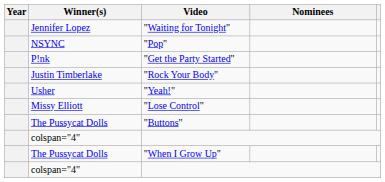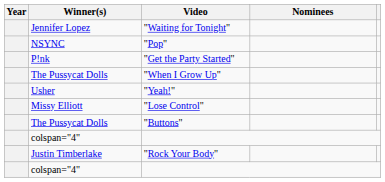 <table class="wikitable sortable">
 <tr>
 <th scope="col">Year</th>
 <th scope="col" style="width:250px;">Winner(s)</th>
 <th scope="col" style="width:250px;">Video</th>
 <th scope="col" style="width:300px;">Nominees</th>
 <th scope="col" class="unsortable"></th>
 </tr>
 <tr>
 <th scope="row"></th>
 <td><a href='#'>Jennifer Lopez</a></td>
 <td>"<a href='#'>Waiting for Tonight</a>"</td>
 <td></td>
 <td align="center"></td>
 </tr>
 <tr>
 <th scope="row"></th>
 <td><a href='#'>NSYNC</a></td>
 <td>"<a href='#'>Pop</a>"</td>
 <td></td>
 <td align="center"></td>
 </tr>
 <tr>
 <th scope="row"></th>
 <td><a href='#'>P!nk</a></td>
 <td>"<a href='#'>Get the Party Started</a>"</td>
 <td></td>
 <td align="center"></td>
 </tr>
 <tr>
 <th scope="row"></th>
-<td><a href='#'>Justin Timberlake</a></td>
-<td>"<a href='#'>Rock Your Body</a>"</td>
+<td><a href='#'>The Pussycat Dolls</a></td>
+<td>"<a href='#'>When I Grow Up</a>"</td>
 <td></td>
 <td align="center"></td>
 </tr>
 <tr>
 <th scope="row"></th>
 <td><a href='#'>Usher</a> </td>
 <td>"<a href='#'>Yeah!</a>"</td>
 <td></td>
 <td align="center"></td>
 </tr>
 <tr>
 <th scope="row"></th>
 <td><a href='#'>Missy Elliott</a> </td>
 <td>"<a href='#'>Lose Control</a>"</td>
 <td></td>
 <td align="center"></td>
 </tr>
 <tr>
 <th scope="row"></th>
 <td><a href='#'>The Pussycat Dolls</a> </td>
 <td>"<a href='#'>Buttons</a>"</td>
 <td></td>
 <td align="center"></td>
 </tr>
 <tr>
 <th scope="row"></th>
 <td>colspan="4" </td>
 </tr>
 <tr>
 <th scope="row"></th>
-<td><a href='#'>The Pussycat Dolls</a></td>
-<td>"<a href='#'>When I Grow Up</a>"</td>
+<td><a href='#'>Justin Timberlake</a></td>
+<td>"<a href='#'>Rock Your Body</a>"</td>
 <td></td>
 <td align="center"></td>
 </tr>
 <tr>
 <th scope="row"></th>
 <td>colspan="4" </td>
 </tr>
 </table>
